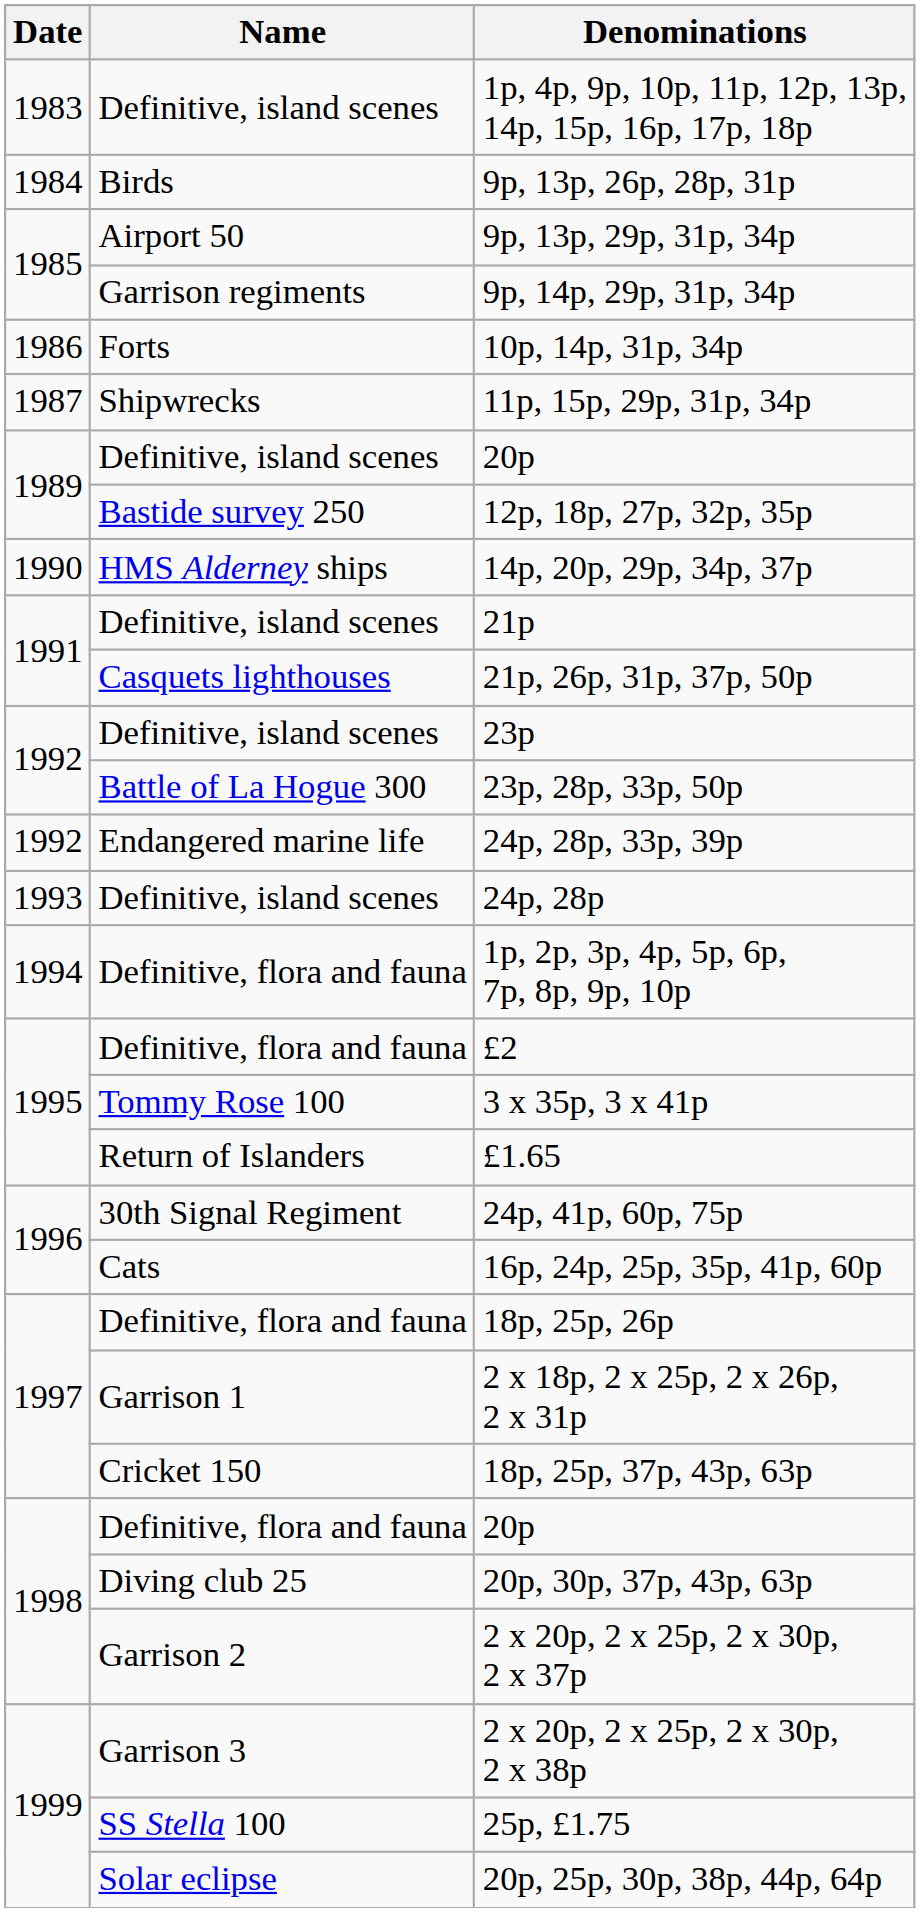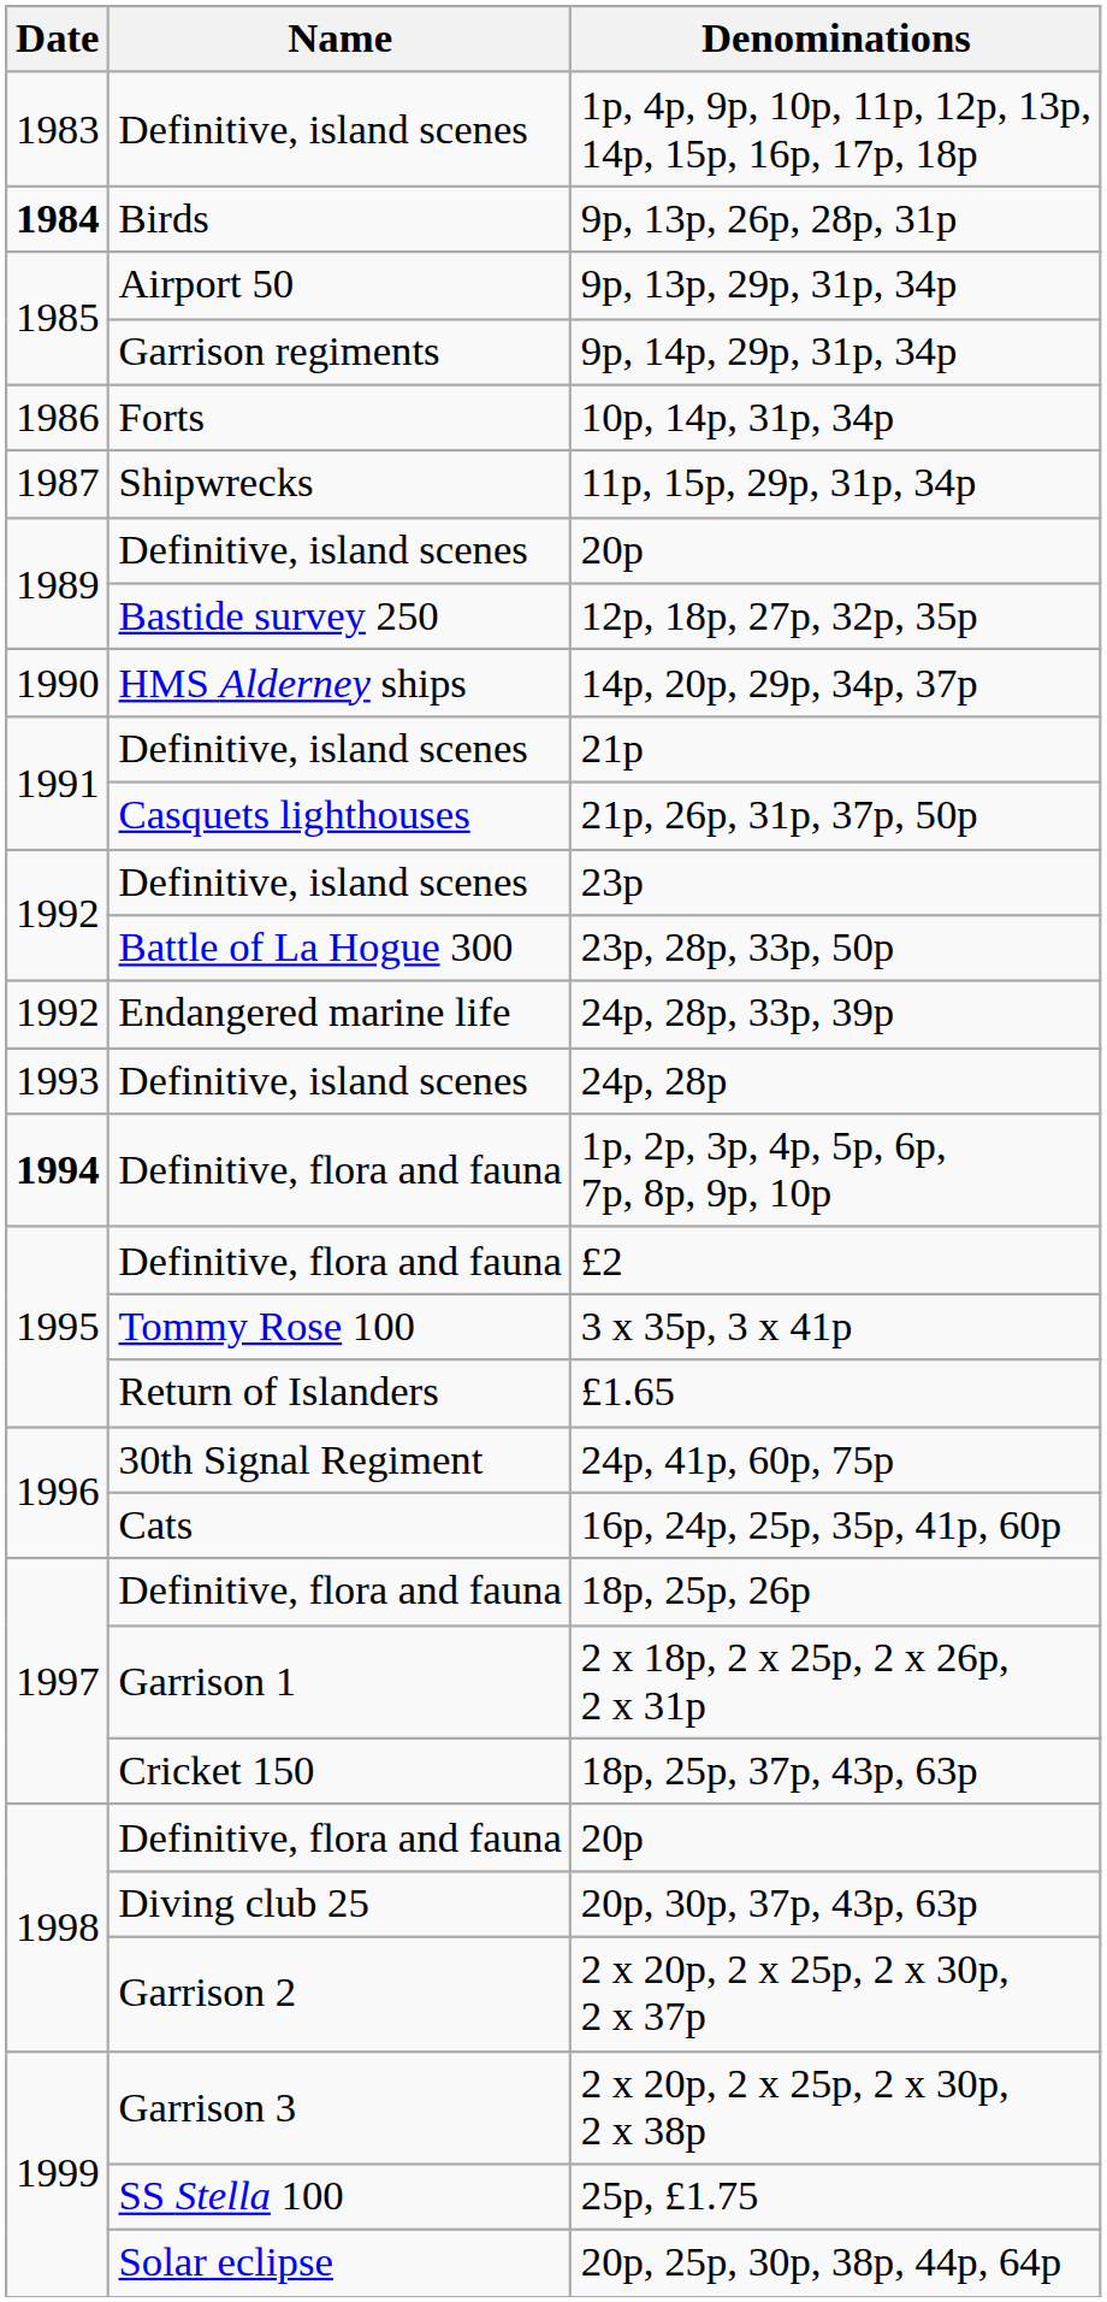 <table class="wikitable">
 <tr>
 <th>Date</th>
 <th>Name</th>
 <th>Denominations</th>
 </tr>
 <tr>
 <td rowspan="1">1983</td>
 <td>Definitive, island scenes</td>
 <td>1p, 4p, 9p, 10p, 11p, 12p, 13p, <br>14p, 15p, 16p, 17p, 18p</td>
 </tr>
 <tr>
-<td rowspan="1">1984</td>
+<td rowspan="1"><strong>1984</strong></td>
 <td>Birds</td>
 <td>9p, 13p, 26p, 28p, 31p</td>
 </tr>
 <tr>
 <td rowspan="2">1985</td>
 <td>Airport 50</td>
 <td>9p, 13p, 29p, 31p, 34p</td>
 </tr>
 <tr>
 <td>Garrison regiments</td>
 <td>9p, 14p, 29p, 31p, 34p</td>
 </tr>
 <tr>
 <td rowspan="1">1986</td>
 <td>Forts</td>
 <td>10p, 14p, 31p, 34p</td>
 </tr>
 <tr>
 <td rowspan="1">1987</td>
 <td>Shipwrecks</td>
 <td>11p, 15p, 29p, 31p, 34p</td>
 </tr>
 <tr>
 <td rowspan="2">1989</td>
 <td>Definitive, island scenes</td>
 <td>20p</td>
 </tr>
 <tr>
 <td><a href='#'>Bastide survey</a> 250</td>
 <td>12p, 18p, 27p, 32p, 35p</td>
 </tr>
 <tr>
 <td rowspan="1">1990</td>
 <td><a href='#'>HMS <em>Alderney</em></a> ships</td>
 <td>14p, 20p, 29p, 34p, 37p</td>
 </tr>
 <tr>
 <td rowspan="2">1991</td>
 <td>Definitive, island scenes</td>
 <td>21p</td>
 </tr>
 <tr>
 <td><a href='#'>Casquets lighthouses</a></td>
 <td>21p, 26p, 31p, 37p, 50p</td>
 </tr>
 <tr>
 <td rowspan="2">1992</td>
 <td>Definitive, island scenes</td>
 <td>23p</td>
 </tr>
 <tr>
 <td><a href='#'>Battle of La Hogue</a> 300</td>
 <td>23p, 28p, 33p, 50p</td>
 </tr>
 <tr>
 <td rowspan="1">1992</td>
 <td>Endangered marine life</td>
 <td>24p, 28p, 33p, 39p</td>
 </tr>
 <tr>
 <td rowspan="1">1993</td>
 <td>Definitive, island scenes</td>
 <td>24p, 28p</td>
 </tr>
 <tr>
-<td rowspan="1">1994</td>
+<td rowspan="1"><strong>1994</strong></td>
 <td>Definitive, flora and fauna</td>
 <td>1p, 2p, 3p, 4p, 5p, 6p, <br>7p, 8p, 9p, 10p</td>
 </tr>
 <tr>
 <td rowspan="3">1995</td>
 <td>Definitive, flora and fauna</td>
 <td>£2</td>
 </tr>
 <tr>
 <td><a href='#'>Tommy Rose</a> 100</td>
 <td>3 x 35p, 3 x 41p</td>
 </tr>
 <tr>
 <td>Return of Islanders</td>
 <td>£1.65</td>
 </tr>
 <tr>
 <td rowspan="2">1996</td>
 <td>30th Signal Regiment</td>
 <td>24p, 41p, 60p, 75p</td>
 </tr>
 <tr>
 <td>Cats</td>
 <td>16p, 24p, 25p, 35p, 41p, 60p</td>
 </tr>
 <tr>
 <td rowspan="3">1997</td>
 <td>Definitive, flora and fauna</td>
 <td>18p, 25p, 26p</td>
 </tr>
 <tr>
 <td>Garrison 1</td>
 <td>2 x 18p, 2 x 25p, 2 x 26p, <br>2 x 31p</td>
 </tr>
 <tr>
 <td>Cricket 150</td>
 <td>18p, 25p, 37p, 43p, 63p</td>
 </tr>
 <tr>
 <td rowspan="3">1998</td>
 <td>Definitive, flora and fauna</td>
 <td>20p</td>
 </tr>
 <tr>
 <td>Diving club 25</td>
 <td>20p, 30p, 37p, 43p, 63p</td>
 </tr>
 <tr>
 <td>Garrison 2</td>
 <td>2 x 20p, 2 x 25p, 2 x 30p, <br>2 x 37p</td>
 </tr>
 <tr>
 <td rowspan="3">1999</td>
 <td>Garrison 3</td>
 <td>2 x 20p, 2 x 25p, 2 x 30p, <br>2 x 38p</td>
 </tr>
 <tr>
 <td><a href='#'>SS <em>Stella</em></a> 100</td>
 <td>25p, £1.75</td>
 </tr>
 <tr>
 <td><a href='#'>Solar eclipse</a></td>
 <td>20p, 25p, 30p, 38p, 44p, 64p</td>
 </tr>
 <tr>
 </tr>
 </table>
